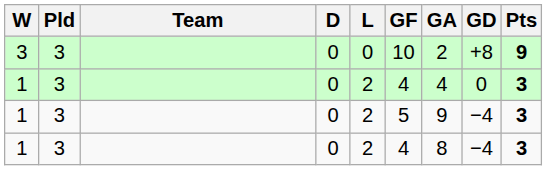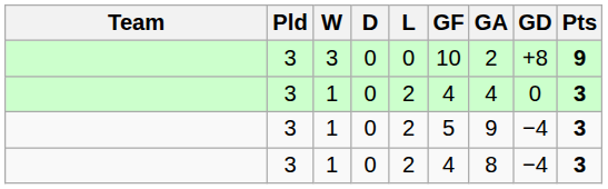 <table class="wikitable" style="text-align:center;">
 <tr>
+<th width=180>Team</th>
+<th width=20>Pld</th>
 <th width=20>W</th>
-<th width=20>Pld</th>
-<th width=180>Team</th>
 <th width=20>D</th>
 <th width=20>L</th>
 <th width=20>GF</th>
 <th width=20>GA</th>
 <th width=20>GD</th>
 <th width=20>Pts</th>
 </tr>
 <tr bgcolor="ccffcc">
+<td align="left"></td>
 <td>3</td>
 <td>3</td>
-<td align="left"></td>
 <td>0</td>
 <td>0</td>
 <td>10</td>
 <td>2</td>
 <td>+8</td>
 <td><strong>9</strong></td>
 </tr>
 <tr bgcolor="ccffcc">
+<td align="left"></td>
+<td>3</td>
 <td>1</td>
-<td>3</td>
-<td align="left"></td>
 <td>0</td>
 <td>2</td>
 <td>4</td>
 <td>4</td>
 <td>0</td>
 <td><strong>3</strong></td>
 </tr>
 <tr>
+<td align="left"></td>
+<td>3</td>
 <td>1</td>
-<td>3</td>
-<td align="left"></td>
 <td>0</td>
 <td>2</td>
 <td>5</td>
 <td>9</td>
 <td>−4</td>
 <td><strong>3</strong></td>
 </tr>
 <tr>
+<td align="left"></td>
+<td>3</td>
 <td>1</td>
-<td>3</td>
-<td align="left"></td>
 <td>0</td>
 <td>2</td>
 <td>4</td>
 <td>8</td>
 <td>−4</td>
 <td><strong>3</strong></td>
 </tr>
 </table>
